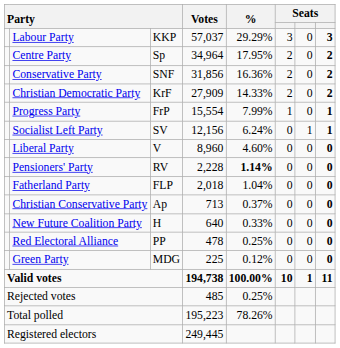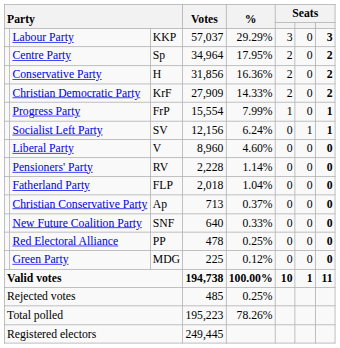 <table class="wikitable" border="1" style="text-align:right;">
 <tr>
 <th style="text-align:left;" valign=bottom rowspan=2 colspan=3>Party</th>
 <th align=center valign=bottom rowspan=2 width="50">Votes</th>
 <th align=center valign=bottom rowspan=2 width="50">%</th>
 <th colspan=3>Seats</th>
 </tr>
 <tr>
 <th align=center valign=bottom width="20"><small></small></th>
 <th align=center valign=bottom width="20"><small><a href='#'></a></small></th>
 <th align=center valign=bottom width="20"><small></small></th>
 </tr>
 <tr>
 <td style="color:inherit;background:"></td>
 <td align=left><a href='#'>Labour Party</a></td>
 <td align=left>KKP</td>
 <td>57,037</td>
 <td>29.29%</td>
 <td>3</td>
 <td>0</td>
 <td><strong>3</strong></td>
 </tr>
 <tr>
 <td style="color:inherit;background:"></td>
 <td align=left><a href='#'>Centre Party</a></td>
 <td align=left>Sp</td>
 <td>34,964</td>
 <td>17.95%</td>
 <td>2</td>
 <td>0</td>
 <td><strong>2</strong></td>
 </tr>
 <tr>
 <td style="color:inherit;background:"></td>
 <td align=left><a href='#'>Conservative Party</a></td>
-<td align=left>SNF</td>
+<td align=left>H</td>
 <td>31,856</td>
 <td>16.36%</td>
 <td>2</td>
 <td>0</td>
 <td><strong>2</strong></td>
 </tr>
 <tr>
 <td style="color:inherit;background:"></td>
 <td align=left><a href='#'>Christian Democratic Party</a></td>
 <td align=left>KrF</td>
 <td>27,909</td>
 <td>14.33%</td>
 <td>2</td>
 <td>0</td>
 <td><strong>2</strong></td>
 </tr>
 <tr>
 <td style="color:inherit;background:"></td>
 <td align=left><a href='#'>Progress Party</a></td>
 <td align=left>FrP</td>
 <td>15,554</td>
 <td>7.99%</td>
 <td>1</td>
 <td>0</td>
 <td><strong>1</strong></td>
 </tr>
 <tr>
 <td style="color:inherit;background:"></td>
 <td align=left><a href='#'>Socialist Left Party</a></td>
 <td align=left>SV</td>
 <td>12,156</td>
 <td>6.24%</td>
 <td>0</td>
 <td>1</td>
 <td><strong>1</strong></td>
 </tr>
 <tr>
 <td style="color:inherit;background:"></td>
 <td align=left><a href='#'>Liberal Party</a></td>
 <td align=left>V</td>
 <td>8,960</td>
 <td>4.60%</td>
 <td>0</td>
 <td>0</td>
 <td><strong>0</strong></td>
 </tr>
 <tr>
 <td style="color:inherit;background:"></td>
 <td align=left><a href='#'>Pensioners' Party</a></td>
 <td align=left>RV</td>
 <td>2,228</td>
-<td><strong>1.14%</strong></td>
+<td>1.14%</td>
 <td>0</td>
 <td>0</td>
 <td><strong>0</strong></td>
 </tr>
 <tr>
 <td style="color:inherit;background:"></td>
 <td align=left><a href='#'>Fatherland Party</a></td>
 <td align=left>FLP</td>
 <td>2,018</td>
 <td>1.04%</td>
 <td>0</td>
 <td>0</td>
 <td><strong>0</strong></td>
 </tr>
 <tr>
 <td style="color:inherit;background:"></td>
 <td align=left><a href='#'>Christian Conservative Party</a></td>
 <td align=left>Ap</td>
 <td>713</td>
 <td>0.37%</td>
 <td>0</td>
 <td>0</td>
 <td><strong>0</strong></td>
 </tr>
 <tr>
 <td style="color:inherit;background:"></td>
 <td align=left><a href='#'>New Future Coalition Party</a></td>
-<td align=left>H</td>
+<td align=left>SNF</td>
 <td>640</td>
 <td>0.33%</td>
 <td>0</td>
 <td>0</td>
 <td><strong>0</strong></td>
 </tr>
 <tr>
 <td style="color:inherit;background:"></td>
 <td align=left><a href='#'>Red Electoral Alliance</a></td>
 <td align=left>PP</td>
 <td>478</td>
 <td>0.25%</td>
 <td>0</td>
 <td>0</td>
 <td><strong>0</strong></td>
 </tr>
 <tr>
 <td style="color:inherit;background:"></td>
 <td align=left><a href='#'>Green Party</a></td>
 <td align=left>MDG</td>
 <td>225</td>
 <td>0.12%</td>
 <td>0</td>
 <td>0</td>
 <td><strong>0</strong></td>
 </tr>
 <tr style="font-weight:bold">
 <td align=left colspan=3>Valid votes</td>
 <td>194,738</td>
 <td>100.00%</td>
 <td>10</td>
 <td>1</td>
 <td>11</td>
 </tr>
 <tr>
 <td align=left colspan=3>Rejected votes</td>
 <td>485</td>
 <td>0.25%</td>
 <td></td>
 <td></td>
 <td></td>
 </tr>
 <tr>
 <td align=left colspan=3>Total polled</td>
 <td>195,223</td>
 <td>78.26%</td>
 <td></td>
 <td></td>
 <td></td>
 </tr>
 <tr>
 <td align=left colspan=3>Registered electors</td>
 <td>249,445</td>
 <td></td>
 <td></td>
 <td></td>
 <td></td>
 </tr>
 </table>
